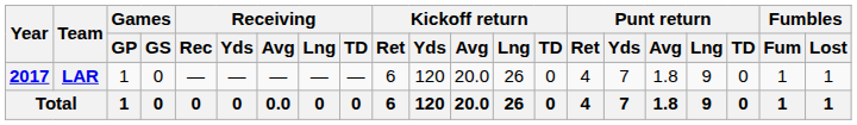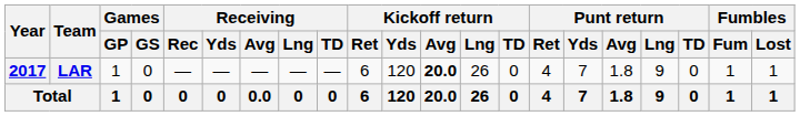 <table class="wikitable" style="text-align:center;">
 <tr>
 <th rowspan="2">Year</th>
 <th rowspan="2">Team</th>
 <th colspan="2">Games</th>
 <th colspan="5">Receiving</th>
 <th colspan="5">Kickoff return</th>
 <th colspan="5">Punt return</th>
 <th colspan="2">Fumbles</th>
 </tr>
 <tr>
 <th>GP</th>
 <th>GS</th>
 <th>Rec</th>
 <th>Yds</th>
 <th>Avg</th>
 <th>Lng</th>
 <th>TD</th>
 <th>Ret</th>
 <th>Yds</th>
 <th>Avg</th>
 <th>Lng</th>
 <th>TD</th>
 <th>Ret</th>
 <th>Yds</th>
 <th>Avg</th>
 <th>Lng</th>
 <th>TD</th>
 <th>Fum</th>
 <th>Lost</th>
 </tr>
 <tr>
 <th><a href='#'>2017</a></th>
 <th><a href='#'>LAR</a></th>
 <td>1</td>
 <td>0</td>
 <td>—</td>
 <td>—</td>
 <td>—</td>
 <td>—</td>
 <td>—</td>
 <td>6</td>
 <td>120</td>
-<td>20.0</td>
+<td><strong>20.0</strong></td>
 <td>26</td>
 <td>0</td>
 <td>4</td>
 <td>7</td>
 <td>1.8</td>
 <td>9</td>
 <td>0</td>
 <td>1</td>
 <td>1</td>
 </tr>
 <tr>
 <th colspan="2">Total</th>
 <th>1</th>
 <th>0</th>
 <th>0</th>
 <th>0</th>
 <th>0.0</th>
 <th>0</th>
 <th>0</th>
 <th>6</th>
 <th>120</th>
 <th>20.0</th>
 <th>26</th>
 <th>0</th>
 <th>4</th>
 <th>7</th>
 <th>1.8</th>
 <th>9</th>
 <th>0</th>
 <th>1</th>
 <th>1</th>
 </tr>
 </table>
